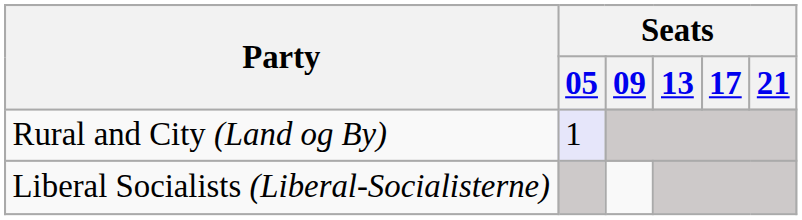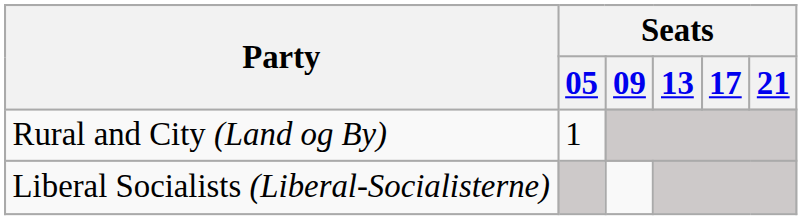 <table class="wikitable">
 <tr>
 <th rowspan=2>Party</th>
 <th colspan=11>Seats</th>
 </tr>
 <tr>
 <th><a href='#'>05</a></th>
 <th><a href='#'>09</a></th>
 <th><a href='#'>13</a></th>
 <th><a href='#'>17</a></th>
 <th><a href='#'>21</a></th>
 </tr>
 <tr>
 <td>Rural and City <em>(Land og By)</em></td>
-<td style="background: lavender;">1</td>
+<td>1</td>
 <td style="background:#CDC9C9;" colspan=4></td>
 </tr>
 <tr>
 <td>Liberal Socialists <em>(Liberal-Socialisterne)</em></td>
 <td style="background:#CDC9C9;"></td>
 <td></td>
 <td style="background:#CDC9C9;" colspan=3></td>
 </tr>
 </table>
